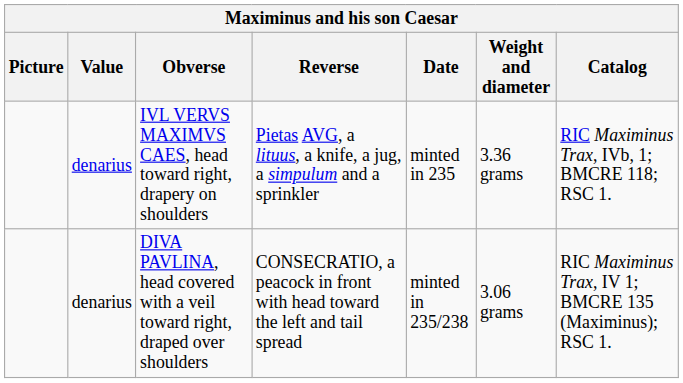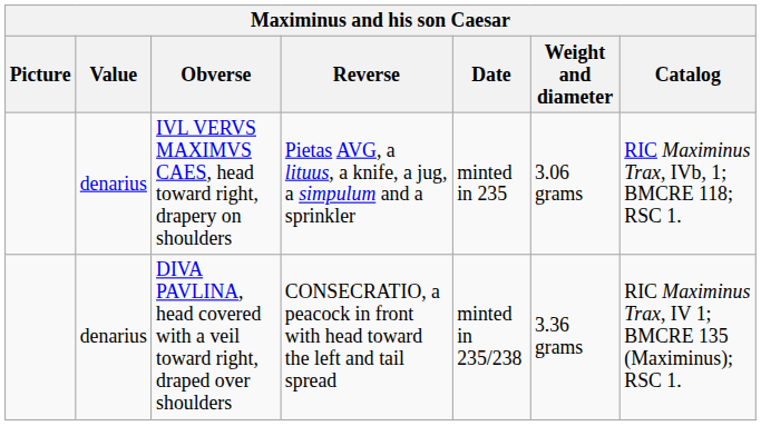 <table class="wikitable">
 <tr>
 <th colspan="7">Maximinus and his son Caesar</th>
 </tr>
 <tr>
 <th>Picture</th>
 <th>Value</th>
 <th>Obverse</th>
 <th>Reverse</th>
 <th>Date</th>
 <th>Weight and diameter</th>
 <th>Catalog</th>
 </tr>
 <tr>
 <td></td>
 <td><a href='#'>denarius</a></td>
 <td><a href='#'>IVL VERVS MAXIMVS</a> <a href='#'>CAES</a>, head toward right, drapery on shoulders</td>
 <td><a href='#'>Pietas</a> <a href='#'>AVG</a>, a <em><a href='#'>lituus</a></em>, a knife, a jug, a <em><a href='#'>simpulum</a></em> and a sprinkler</td>
 <td>minted in 235</td>
-<td>3.36 grams</td>
+<td>3.06 grams</td>
 <td><a href='#'>RIC</a> <em>Maximinus Trax</em>, IVb, 1; BMCRE 118; RSC 1.</td>
 </tr>
 <tr>
 <td></td>
 <td>denarius</td>
 <td><a href='#'>DIVA PAVLINA</a>, head covered with a veil toward right, draped over shoulders</td>
 <td>CONSECRATIO, a peacock in front with head toward the left and tail spread</td>
 <td>minted in 235/238</td>
-<td>3.06 grams</td>
+<td>3.36 grams</td>
 <td>RIC <em>Maximinus Trax</em>, IV 1; BMCRE 135 (Maximinus); RSC 1.</td>
 </tr>
 </table>
